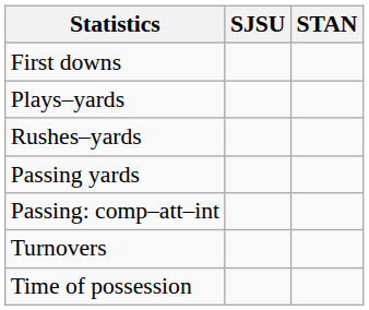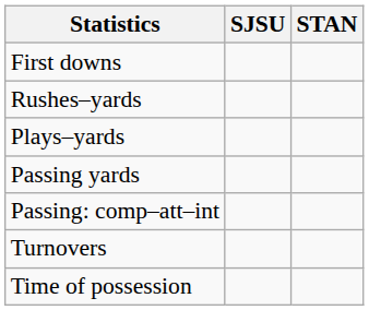 <table class="wikitable" style="float:left">
 <tr>
 <th>Statistics</th>
 <th>SJSU</th>
 <th>STAN</th>
 </tr>
 <tr>
 <td>First downs</td>
 <td></td>
 <td></td>
 </tr>
 <tr>
-<td>Plays–yards</td>
+<td>Rushes–yards</td>
 <td></td>
 <td></td>
 </tr>
 <tr>
-<td>Rushes–yards</td>
+<td>Plays–yards</td>
 <td></td>
 <td></td>
 </tr>
 <tr>
 <td>Passing yards</td>
 <td></td>
 <td></td>
 </tr>
 <tr>
 <td>Passing: comp–att–int</td>
 <td></td>
 <td></td>
 </tr>
 <tr>
 <td>Turnovers</td>
 <td></td>
 <td></td>
 </tr>
 <tr>
 <td>Time of possession</td>
 <td></td>
 <td></td>
 </tr>
 </table>
